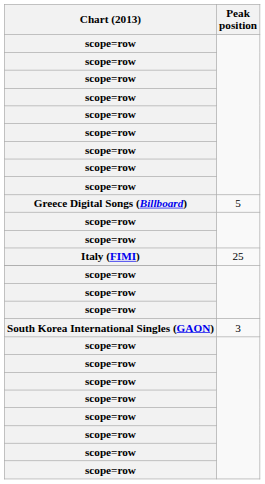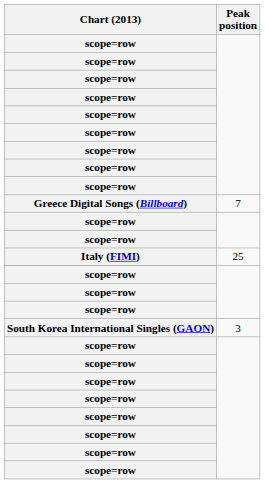 <table class="wikitable sortable plainrowheaders">
 <tr>
 <th scope="col">Chart (2013)</th>
 <th scope="col">Peak<br>position</th>
 </tr>
 <tr>
 <th>scope=row</th>
 </tr>
 <tr>
 <th>scope=row</th>
 </tr>
 <tr>
 <th>scope=row</th>
 </tr>
 <tr>
 <th>scope=row</th>
 </tr>
 <tr>
 <th>scope=row</th>
 </tr>
 <tr>
 <th>scope=row</th>
 </tr>
 <tr>
 <th>scope=row</th>
 </tr>
 <tr>
 <th>scope=row</th>
 </tr>
 <tr>
 <th>scope=row</th>
 </tr>
 <tr>
 <th scope="row">Greece Digital Songs (<em><a href='#'>Billboard</a></em>)</th>
-<td style="text-align:center;">5</td>
+<td style="text-align:center;">7</td>
 </tr>
 <tr>
 <th>scope=row</th>
 </tr>
 <tr>
 <th>scope=row</th>
 </tr>
 <tr>
 <th scope="row">Italy (<a href='#'>FIMI</a>)</th>
 <td style="text-align:center;">25</td>
 </tr>
 <tr>
 </tr>
 <tr>
 <th>scope=row</th>
 </tr>
 <tr>
 <th>scope=row</th>
 </tr>
 <tr>
 <th>scope=row</th>
 </tr>
 <tr>
 <th scope="row">South Korea International Singles (<a href='#'>GAON</a>)</th>
 <td style="text-align:center;">3</td>
 </tr>
 <tr>
 <th>scope=row</th>
 </tr>
 <tr>
 <th>scope=row</th>
 </tr>
 <tr>
 <th>scope=row</th>
 </tr>
 <tr>
 <th>scope=row</th>
 </tr>
 <tr>
 <th>scope=row</th>
 </tr>
 <tr>
 <th>scope=row</th>
 </tr>
 <tr>
 <th>scope=row</th>
 </tr>
 <tr>
 <th>scope=row</th>
 </tr>
 </table>
